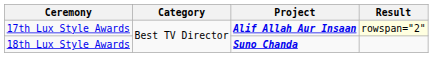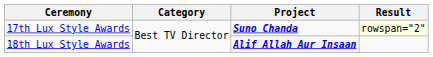 <table class="wikitable style">
 <tr>
 <th>Ceremony</th>
 <th>Category</th>
 <th>Project</th>
 <th>Result</th>
 </tr>
 <tr>
 <td><a href='#'>17th Lux Style Awards</a></td>
 <td rowspan="2">Best TV Director</td>
-<td><strong><em><a href='#'>Alif Allah Aur Insaan</a></em></strong></td>
+<td><strong><em><a href='#'>Suno Chanda</a></em></strong></td>
 <td style="background: lightyellow;">rowspan="2" </td>
 </tr>
 <tr>
 <td><a href='#'>18th Lux Style Awards</a></td>
-<td><strong><em><a href='#'>Suno Chanda</a></em></strong></td>
+<td><strong><em><a href='#'>Alif Allah Aur Insaan</a></em></strong></td>
 </tr>
 </table>
